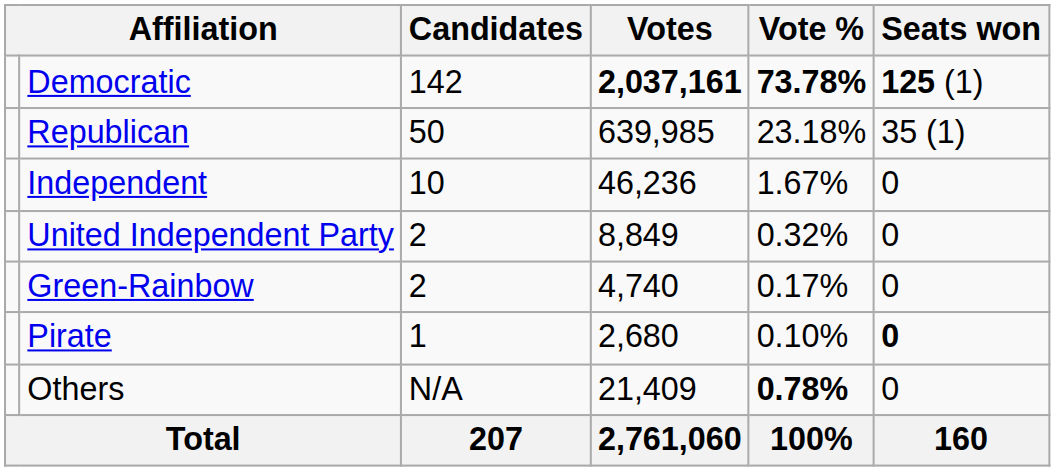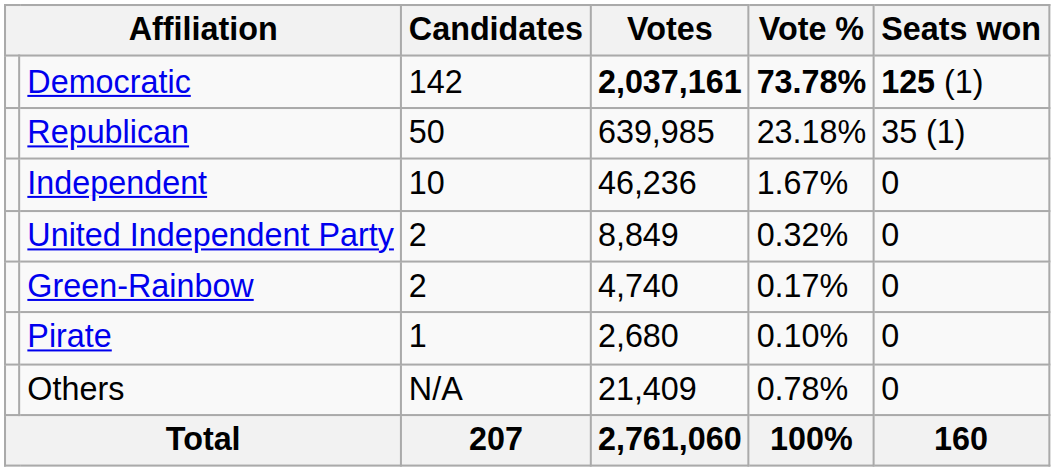 <table class="wikitable">
 <tr>
 <th colspan="2">Affiliation</th>
 <th>Candidates</th>
 <th>Votes</th>
 <th>Vote %</th>
 <th>Seats won</th>
 </tr>
 <tr>
 <td style="background-color:"></td>
 <td><a href='#'>Democratic</a></td>
 <td>142</td>
 <td><strong>2,037,161</strong></td>
 <td><strong>73.78%</strong></td>
 <td><strong>125</strong> (1)</td>
 </tr>
 <tr>
 <td style="background-color:"></td>
 <td><a href='#'>Republican</a></td>
 <td>50</td>
 <td>639,985</td>
 <td>23.18%</td>
 <td>35 (1)</td>
 </tr>
 <tr>
 <td style="background-color:"></td>
 <td><a href='#'>Independent</a></td>
 <td>10</td>
 <td>46,236</td>
 <td>1.67%</td>
 <td>0</td>
 </tr>
 <tr>
 <td style="background-color:"></td>
 <td><a href='#'>United Independent Party</a></td>
 <td>2</td>
 <td>8,849</td>
 <td>0.32%</td>
 <td>0</td>
 </tr>
 <tr>
 <td style="background-color:"></td>
 <td><a href='#'>Green-Rainbow</a></td>
 <td>2</td>
 <td>4,740</td>
 <td>0.17%</td>
 <td>0</td>
 </tr>
 <tr>
 <td style="background-color:"></td>
 <td><a href='#'>Pirate</a></td>
 <td>1</td>
 <td>2,680</td>
 <td>0.10%</td>
-<td><strong>0</strong></td>
+<td>0</td>
 </tr>
 <tr>
 <td></td>
 <td>Others</td>
 <td>N/A</td>
 <td>21,409</td>
-<td><strong>0.78%</strong></td>
+<td>0.78%</td>
 <td>0</td>
 </tr>
 <tr>
 <th colspan="2">Total</th>
 <th>207</th>
 <th>2,761,060</th>
 <th>100%</th>
 <th>160</th>
 </tr>
 </table>
